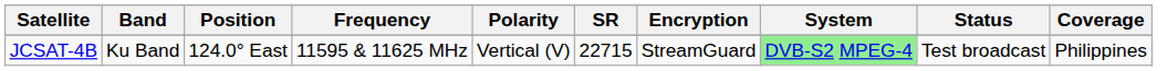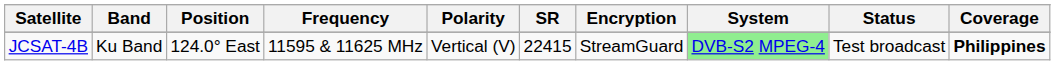 <table class="wikitable float center" style="=width:500px;">
 <tr>
 </tr>
 <tr style="font-size:90%">
 <th>Satellite</th>
 <th>Band</th>
 <th>Position</th>
 <th>Frequency</th>
 <th>Polarity</th>
 <th>SR</th>
 <th>Encryption</th>
 <th>System</th>
 <th>Status</th>
 <th>Coverage</th>
 </tr>
 <tr>
 </tr>
 <tr style="font-size:90%">
 <td><a href='#'>JCSAT-4B</a></td>
 <td>Ku Band</td>
 <td>124.0° East</td>
 <td>11595 & 11625 MHz</td>
 <td>Vertical (V)</td>
-<td>22715</td>
+<td>22415</td>
 <td>StreamGuard</td>
 <td style="background: lightgreen;"><a href='#'>DVB-S2</a> <a href='#'>MPEG-4</a></td>
 <td>Test broadcast</td>
-<td>Philippines</td>
+<td><strong>Philippines</strong></td>
 </tr>
 </table>
